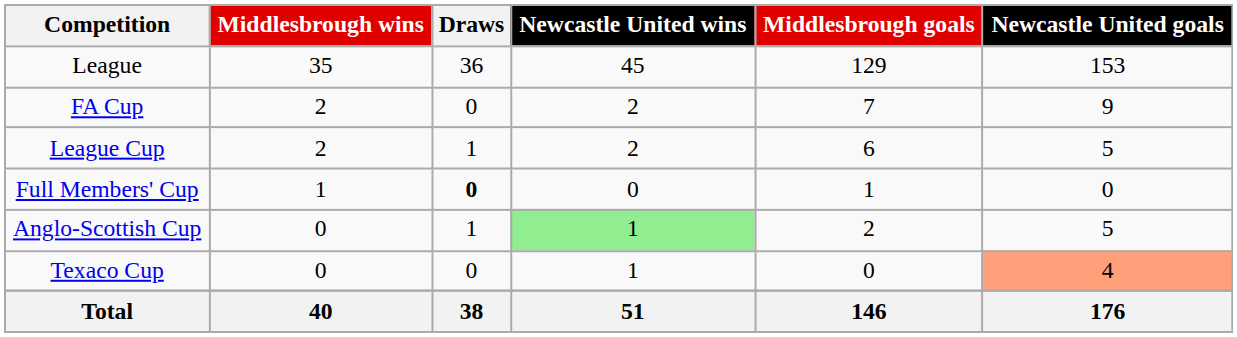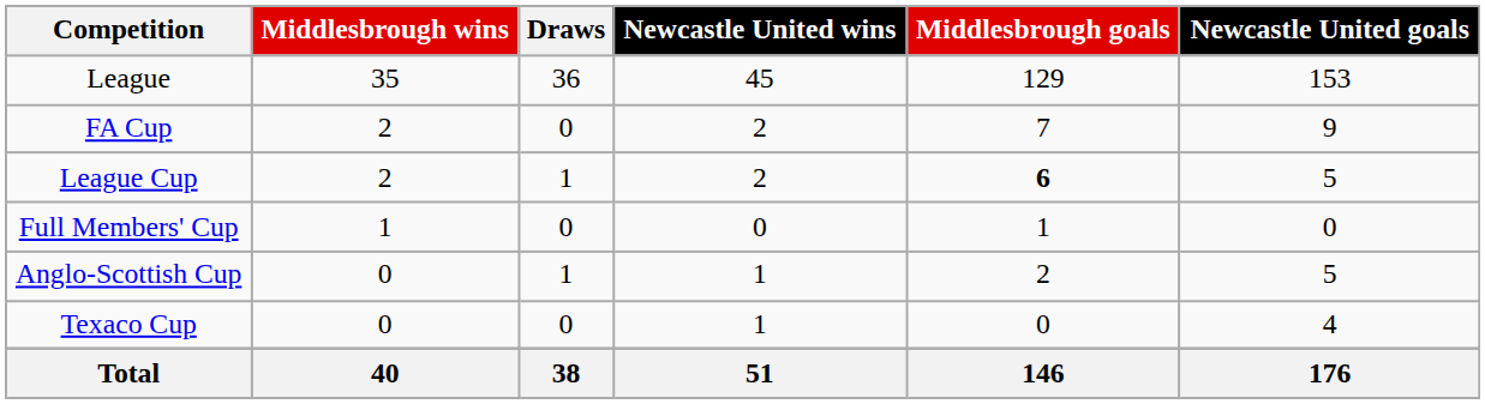 <table class="wikitable" style="text-align: center; width: 100%; font-size: 12px">
 <tr>
 <th>Competition</th>
 <th style="background:#E00000; color:white">Middlesbrough wins</th>
 <th>Draws</th>
 <th style="background:#000000; color:white">Newcastle United wins</th>
 <th style="background:#E00000; color:white">Middlesbrough goals</th>
 <th style="background:#000000; color:white">Newcastle United goals</th>
 </tr>
 <tr>
 <td>League</td>
 <td>35</td>
 <td>36</td>
 <td>45</td>
 <td>129</td>
 <td>153</td>
 </tr>
 <tr>
 <td><a href='#'>FA Cup</a></td>
 <td>2</td>
 <td>0</td>
 <td>2</td>
 <td>7</td>
 <td>9</td>
 </tr>
 <tr>
 <td><a href='#'>League Cup</a></td>
 <td>2</td>
 <td>1</td>
 <td>2</td>
-<td>6</td>
+<td><strong>6</strong></td>
 <td>5</td>
 </tr>
 <tr>
 <td><a href='#'>Full Members' Cup</a></td>
 <td>1</td>
-<td><strong>0</strong></td>
+<td>0</td>
 <td>0</td>
 <td>1</td>
 <td>0</td>
 </tr>
 <tr>
 <td><a href='#'>Anglo-Scottish Cup</a></td>
 <td>0</td>
 <td>1</td>
-<td style="background: lightgreen;">1</td>
+<td>1</td>
 <td>2</td>
 <td>5</td>
 </tr>
 <tr>
 <td><a href='#'>Texaco Cup</a></td>
 <td>0</td>
 <td>0</td>
 <td>1</td>
 <td>0</td>
-<td style="background: lightsalmon;">4</td>
+<td>4</td>
 </tr>
 <tr>
 </tr>
 <tr class="sortbottom">
 <th>Total</th>
 <th>40</th>
 <th>38</th>
 <th>51</th>
 <th>146</th>
 <th>176</th>
 </tr>
 </table>
